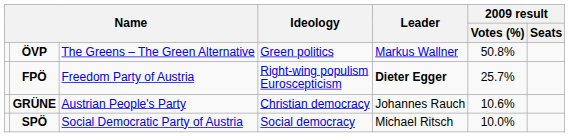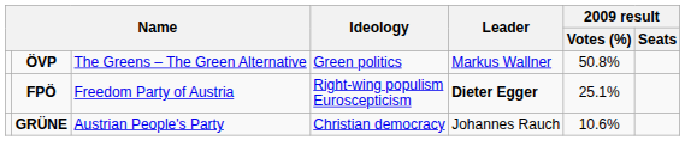 <table class="wikitable">
 <tr>
 <th rowspan="2" colspan="3">Name</th>
 <th rowspan="2">Ideology</th>
 <th rowspan="2">Leader</th>
 <th colspan="2">2009 result</th>
 </tr>
 <tr>
 <th>Votes (%)</th>
 <th>Seats</th>
 </tr>
 <tr>
 <td style="background:"></td>
 <td style="text-align:center;"><strong>ÖVP</strong></td>
 <td><a href='#'>The Greens – The Green Alternative</a><br></td>
 <td><a href='#'>Green politics</a></td>
 <td><a href='#'>Markus Wallner</a></td>
 <td style="text-align:center;">50.8%</td>
 <td></td>
 </tr>
 <tr>
 <td style="background:"></td>
 <td style="text-align:center;"><strong>FPÖ</strong></td>
 <td><a href='#'>Freedom Party of Austria</a><br></td>
 <td><a href='#'>Right-wing populism</a><br><a href='#'>Euroscepticism</a></td>
 <td><strong>Dieter Egger</strong></td>
-<td style="text-align:center;">25.7%</td>
+<td style="text-align:center;">25.1%</td>
 <td></td>
 </tr>
 <tr>
 <td style="background:"></td>
 <td style="text-align:center;"><strong>GRÜNE</strong></td>
 <td><a href='#'>Austrian People's Party</a><br></td>
 <td><a href='#'>Christian democracy</a></td>
 <td>Johannes Rauch</td>
 <td style="text-align:center;">10.6%</td>
 <td></td>
 </tr>
-<tr>
-<td style="background:"></td>
-<td style="text-align:center;"><strong>SPÖ</strong></td>
-<td><a href='#'>Social Democratic Party of Austria</a><br></td>
-<td><a href='#'>Social democracy</a></td>
-<td>Michael Ritsch</td>
-<td style="text-align:center;">10.0%</td>
-<td></td>
-</tr>
 </table>
